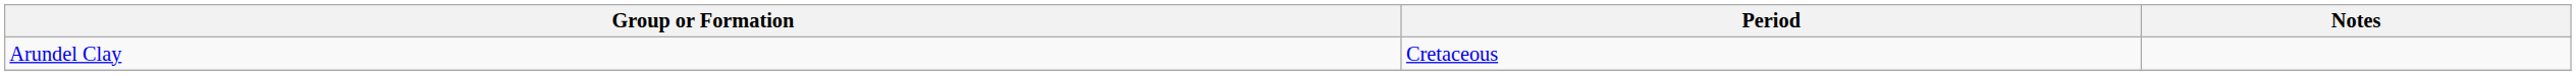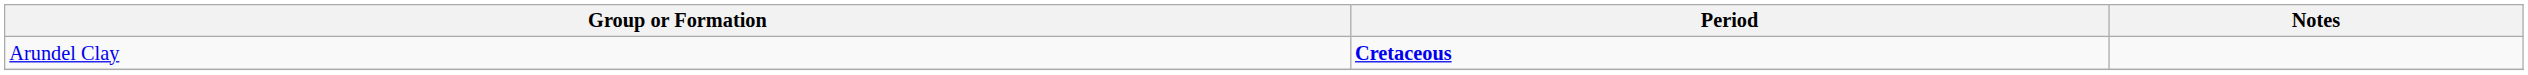 <table class="wikitable sortable" style="width: 100%;">
 <tr>
 <th>Group or Formation</th>
 <th>Period</th>
 <th class="unsortable">Notes</th>
 </tr>
 <tr>
 <td><a href='#'>Arundel Clay</a></td>
-<td><a href='#'>Cretaceous</a></td>
+<td><strong><a href='#'>Cretaceous</a></strong></td>
 <td></td>
 </tr>
 <tr>
 </tr>
 </table>
